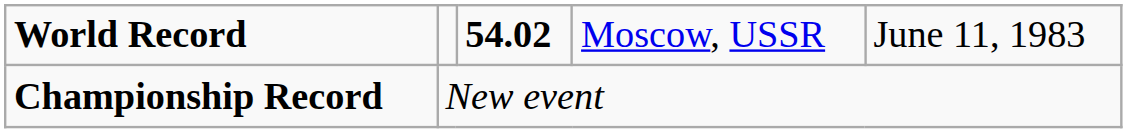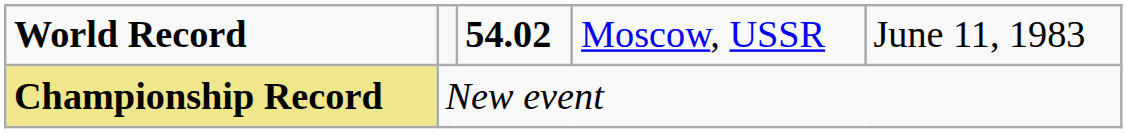 <table class="wikitable" width=75%>
 <tr>
 <td><strong>World Record</strong></td>
 <td></td>
 <td><strong>54.02</strong></td>
 <td><a href='#'>Moscow</a>, <a href='#'>USSR</a></td>
 <td>June 11, 1983</td>
 </tr>
 <tr>
-<td><strong>Championship Record</strong></td>
+<td style="background: khaki;"><strong>Championship Record</strong></td>
 <td colspan="4"><em>New event</em></td>
 </tr>
 </table>
